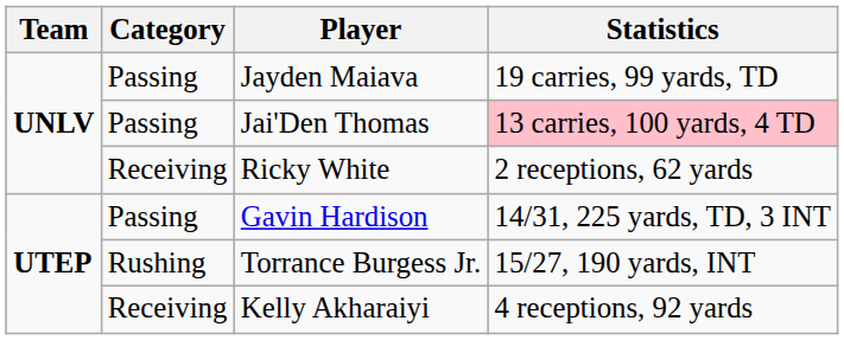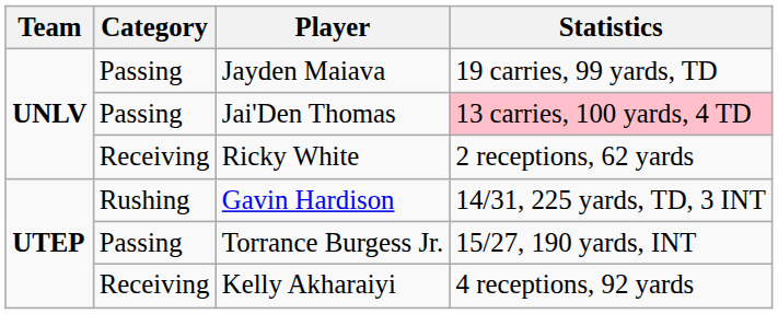 <table class="wikitable" style="float: right;">
 <tr>
 <th>Team</th>
 <th>Category</th>
 <th>Player</th>
 <th>Statistics</th>
 </tr>
 <tr>
 <td rowspan=3><strong>UNLV</strong></td>
 <td>Passing</td>
 <td>Jayden Maiava</td>
 <td>19 carries, 99 yards, TD</td>
 </tr>
 <tr>
 <td>Passing</td>
 <td>Jai'Den Thomas</td>
 <td style="background: pink;">13 carries, 100 yards, 4 TD</td>
 </tr>
 <tr>
 <td>Receiving</td>
 <td>Ricky White</td>
 <td>2 receptions, 62 yards</td>
 </tr>
 <tr>
 <td rowspan=3><strong>UTEP</strong></td>
-<td>Passing</td>
+<td>Rushing</td>
 <td><a href='#'>Gavin Hardison</a></td>
 <td>14/31, 225 yards, TD, 3 INT</td>
 </tr>
 <tr>
-<td>Rushing</td>
+<td>Passing</td>
 <td>Torrance Burgess Jr.</td>
 <td>15/27, 190 yards, INT</td>
 </tr>
 <tr>
 <td>Receiving</td>
 <td>Kelly Akharaiyi</td>
 <td>4 receptions, 92 yards</td>
 </tr>
 </table>
